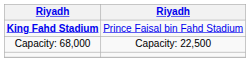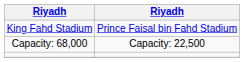 <table class="wikitable" style="text-align:center">
 <tr>
 <th><a href='#'>Riyadh</a></th>
 <th><a href='#'>Riyadh</a></th>
 </tr>
 <tr>
-<td><strong><a href='#'>King Fahd Stadium</a></strong></td>
+<td><a href='#'>King Fahd Stadium</a></td>
 <td><a href='#'>Prince Faisal bin Fahd Stadium</a></td>
 </tr>
 <tr>
 <td>Capacity: 68,000</td>
 <td>Capacity: 22,500</td>
 </tr>
 <tr>
 <td></td>
 <td></td>
 </tr>
 <tr>
 </tr>
 </table>
